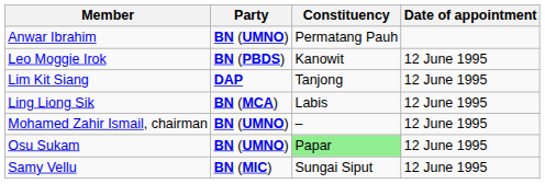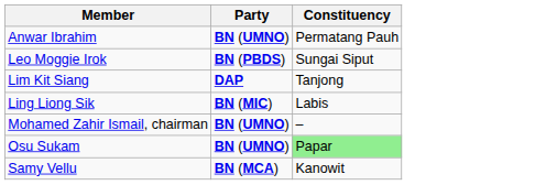 <table class=wikitable>
 <tr>
 <th>Member</th>
 <th>Party</th>
 <th>Constituency</th>
-<th>Date of appointment</th>
 </tr>
 <tr>
 <td><a href='#'>Anwar Ibrahim</a></td>
 <td><strong><a href='#'>BN</a></strong> (<strong><a href='#'>UMNO</a></strong>)</td>
 <td>Permatang Pauh</td>
-<td></td>
 </tr>
 <tr>
 <td><a href='#'>Leo Moggie Irok</a></td>
 <td><strong><a href='#'>BN</a></strong> (<strong><a href='#'>PBDS</a></strong>)</td>
-<td>Kanowit</td>
-<td>12 June 1995</td>
+<td>Sungai Siput</td>
 </tr>
 <tr>
 <td><a href='#'>Lim Kit Siang</a></td>
 <td><strong><a href='#'>DAP</a></strong></td>
 <td>Tanjong</td>
-<td>12 June 1995</td>
 </tr>
 <tr>
 <td><a href='#'>Ling Liong Sik</a></td>
-<td><strong><a href='#'>BN</a></strong> (<strong><a href='#'>MCA</a></strong>)</td>
+<td><strong><a href='#'>BN</a></strong> (<strong><a href='#'>MIC</a></strong>)</td>
 <td>Labis</td>
-<td>12 June 1995</td>
 </tr>
 <tr>
 <td><a href='#'>Mohamed Zahir Ismail</a>, chairman</td>
 <td><strong><a href='#'>BN</a></strong> (<strong><a href='#'>UMNO</a></strong>)</td>
 <td>–</td>
-<td>12 June 1995</td>
 </tr>
 <tr>
 <td><a href='#'>Osu Sukam</a></td>
 <td><strong><a href='#'>BN</a></strong> (<strong><a href='#'>UMNO</a></strong>)</td>
 <td style="background: lightgreen;">Papar</td>
-<td>12 June 1995</td>
 </tr>
 <tr>
 <td><a href='#'>Samy Vellu</a></td>
-<td><strong><a href='#'>BN</a></strong> (<strong><a href='#'>MIC</a></strong>)</td>
-<td>Sungai Siput</td>
-<td>12 June 1995</td>
+<td><strong><a href='#'>BN</a></strong> (<strong><a href='#'>MCA</a></strong>)</td>
+<td>Kanowit</td>
 </tr>
 </table>
